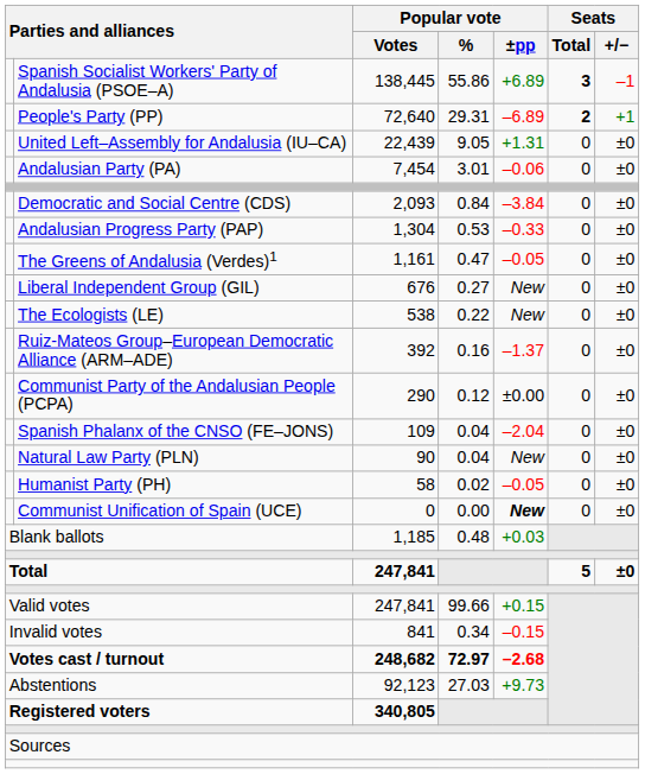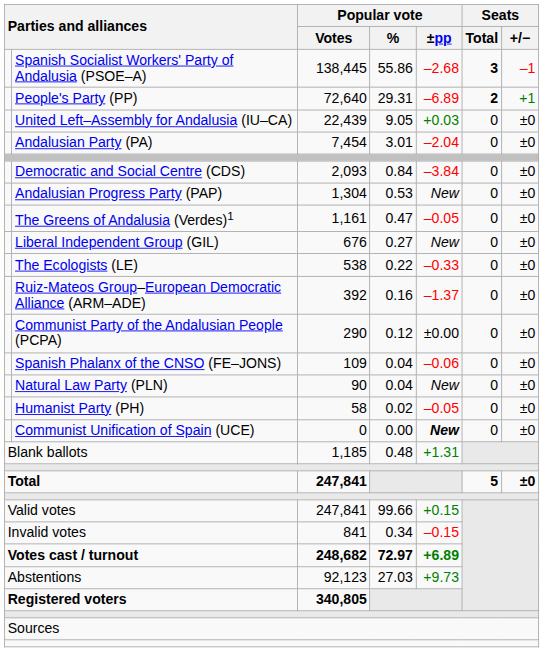 <table class="wikitable" style="text-align:right;">
 <tr>
 <th style="text-align:left;" rowspan="2" colspan="2" width="525">Parties and alliances</th>
 <th colspan="3">Popular vote</th>
 <th colspan="2">Seats</th>
 </tr>
 <tr>
 <th width="75">Votes</th>
 <th width="45">%</th>
 <th width="45">±<a href='#'>pp</a></th>
 <th width="35">Total</th>
 <th width="35">+/−</th>
 </tr>
 <tr>
 <td width="1" style="color:inherit;background:"></td>
 <td align="left"><a href='#'>Spanish Socialist Workers' Party of Andalusia</a> (PSOE–A)</td>
 <td>138,445</td>
 <td>55.86</td>
-<td style="color:green;">+6.89</td>
+<td style="color:red;">–2.68</td>
 <td><strong>3</strong></td>
 <td style="color:red;">–1</td>
 </tr>
 <tr>
 <td style="color:inherit;background:"></td>
 <td align="left"><a href='#'>People's Party</a> (PP)</td>
 <td>72,640</td>
 <td>29.31</td>
 <td style="color:red;">–6.89</td>
 <td><strong>2</strong></td>
 <td style="color:green;">+1</td>
 </tr>
 <tr>
 <td style="color:inherit;background:"></td>
 <td align="left"><a href='#'>United Left–Assembly for Andalusia</a> (IU–CA)</td>
 <td>22,439</td>
 <td>9.05</td>
-<td style="color:green;">+1.31</td>
+<td style="color:green;">+0.03</td>
 <td>0</td>
 <td>±0</td>
 </tr>
 <tr>
 <td style="color:inherit;background:"></td>
 <td align="left"><a href='#'>Andalusian Party</a> (PA)</td>
 <td>7,454</td>
 <td>3.01</td>
-<td style="color:red;">–0.06</td>
+<td style="color:red;">–2.04</td>
 <td>0</td>
 <td>±0</td>
 </tr>
 <tr>
 <td colspan="7" bgcolor="#C0C0C0"></td>
 </tr>
 <tr>
 <td style="color:inherit;background:"></td>
 <td align="left"><a href='#'>Democratic and Social Centre</a> (CDS)</td>
 <td>2,093</td>
 <td>0.84</td>
 <td style="color:red;">–3.84</td>
 <td>0</td>
 <td>±0</td>
 </tr>
 <tr>
 <td style="color:inherit;background:"></td>
 <td align="left"><a href='#'>Andalusian Progress Party</a> (PAP)</td>
 <td>1,304</td>
 <td>0.53</td>
-<td style="color:red;">–0.33</td>
+<td><em>New</em></td>
 <td>0</td>
 <td>±0</td>
 </tr>
 <tr>
 <td style="color:inherit;background:"></td>
 <td align="left"><a href='#'>The Greens of Andalusia</a> (Verdes)<sup>1</sup></td>
 <td>1,161</td>
 <td>0.47</td>
 <td style="color:red;">–0.05</td>
 <td>0</td>
 <td>±0</td>
 </tr>
 <tr>
 <td style="color:inherit;background:"></td>
 <td align="left"><a href='#'>Liberal Independent Group</a> (GIL)</td>
 <td>676</td>
 <td>0.27</td>
 <td><em>New</em></td>
 <td>0</td>
 <td>±0</td>
 </tr>
 <tr>
 <td style="color:inherit;background:"></td>
 <td align="left"><a href='#'>The Ecologists</a> (LE)</td>
 <td>538</td>
 <td>0.22</td>
-<td><em>New</em></td>
+<td style="color:red;">–0.33</td>
 <td>0</td>
 <td>±0</td>
 </tr>
 <tr>
 <td style="color:inherit;background:"></td>
 <td align="left"><a href='#'>Ruiz-Mateos Group</a>–<a href='#'>European Democratic Alliance</a> (ARM–ADE)</td>
 <td>392</td>
 <td>0.16</td>
 <td style="color:red;">–1.37</td>
 <td>0</td>
 <td>±0</td>
 </tr>
 <tr>
 <td style="color:inherit;background:"></td>
 <td align="left"><a href='#'>Communist Party of the Andalusian People</a> (PCPA)</td>
 <td>290</td>
 <td>0.12</td>
 <td>±0.00</td>
 <td>0</td>
 <td>±0</td>
 </tr>
 <tr>
 <td style="color:inherit;background:"></td>
 <td align="left"><a href='#'>Spanish Phalanx of the CNSO</a> (FE–JONS)</td>
 <td>109</td>
 <td>0.04</td>
-<td style="color:red;">–2.04</td>
+<td style="color:red;">–0.06</td>
 <td>0</td>
 <td>±0</td>
 </tr>
 <tr>
 <td style="color:inherit;background:"></td>
 <td align="left"><a href='#'>Natural Law Party</a> (PLN)</td>
 <td>90</td>
 <td>0.04</td>
 <td><em>New</em></td>
 <td>0</td>
 <td>±0</td>
 </tr>
 <tr>
 <td style="color:inherit;background:"></td>
 <td align="left"><a href='#'>Humanist Party</a> (PH)</td>
 <td>58</td>
 <td>0.02</td>
 <td style="color:red;">–0.05</td>
 <td>0</td>
 <td>±0</td>
 </tr>
 <tr>
 <td style="color:inherit;background:"></td>
 <td align="left"><a href='#'>Communist Unification of Spain</a> (UCE)</td>
 <td>0</td>
 <td>0.00</td>
 <td><strong><em>New</em></strong></td>
 <td>0</td>
 <td>±0</td>
 </tr>
 <tr>
 <td align="left" colspan="2">Blank ballots</td>
 <td>1,185</td>
 <td>0.48</td>
-<td style="color:green;">+0.03</td>
+<td style="color:green;">+1.31</td>
 <td bgcolor="#E9E9E9" colspan="2"></td>
 </tr>
 <tr>
 <td colspan="7" bgcolor="#E9E9E9"></td>
 </tr>
 <tr style="font-weight:bold;">
 <td align="left" colspan="2">Total</td>
 <td>247,841</td>
 <td bgcolor="#E9E9E9" colspan="2"></td>
 <td>5</td>
 <td>±0</td>
 </tr>
 <tr>
 <td colspan="7" bgcolor="#E9E9E9"></td>
 </tr>
 <tr>
 <td align="left" colspan="2">Valid votes</td>
 <td>247,841</td>
 <td>99.66</td>
 <td style="color:green;">+0.15</td>
 <td bgcolor="#E9E9E9" colspan="2" rowspan="5"></td>
 </tr>
 <tr>
 <td align="left" colspan="2">Invalid votes</td>
 <td>841</td>
 <td>0.34</td>
 <td style="color:red;">–0.15</td>
 </tr>
 <tr style="font-weight:bold;">
 <td align="left" colspan="2">Votes cast / turnout</td>
 <td>248,682</td>
 <td>72.97</td>
-<td style="color:red;">–2.68</td>
+<td style="color:green;">+6.89</td>
 </tr>
 <tr>
 <td align="left" colspan="2">Abstentions</td>
 <td>92,123</td>
 <td>27.03</td>
 <td style="color:green;">+9.73</td>
 </tr>
 <tr style="font-weight:bold;">
 <td align="left" colspan="2">Registered voters</td>
 <td>340,805</td>
 <td bgcolor="#E9E9E9" colspan="2"></td>
 </tr>
 <tr>
 <td colspan="7" bgcolor="#E9E9E9"></td>
 </tr>
 <tr>
 <td align="left" colspan="7">Sources</td>
 </tr>
 <tr>
 <td colspan="7" style="text-align:left; max-width:790px;"></td>
 </tr>
 </table>
